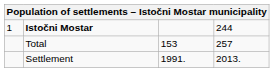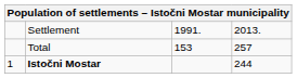 <table class="wikitable">
 <tr>
 <th colspan="4">Population of settlements – Istočni Mostar municipality</th>
 </tr>
 <tr>
-<td>1</td>
-<td><strong>Istočni Mostar</strong></td>
 <td></td>
-<td>244</td>
+<td>Settlement</td>
+<td>1991.</td>
+<td>2013.</td>
 </tr>
 <tr>
 <td></td>
 <td>Total</td>
 <td>153</td>
 <td>257</td>
 </tr>
 <tr>
+<td>1</td>
+<td><strong>Istočni Mostar</strong></td>
 <td></td>
-<td>Settlement</td>
-<td>1991.</td>
-<td>2013.</td>
+<td>244</td>
 </tr>
 </table>
